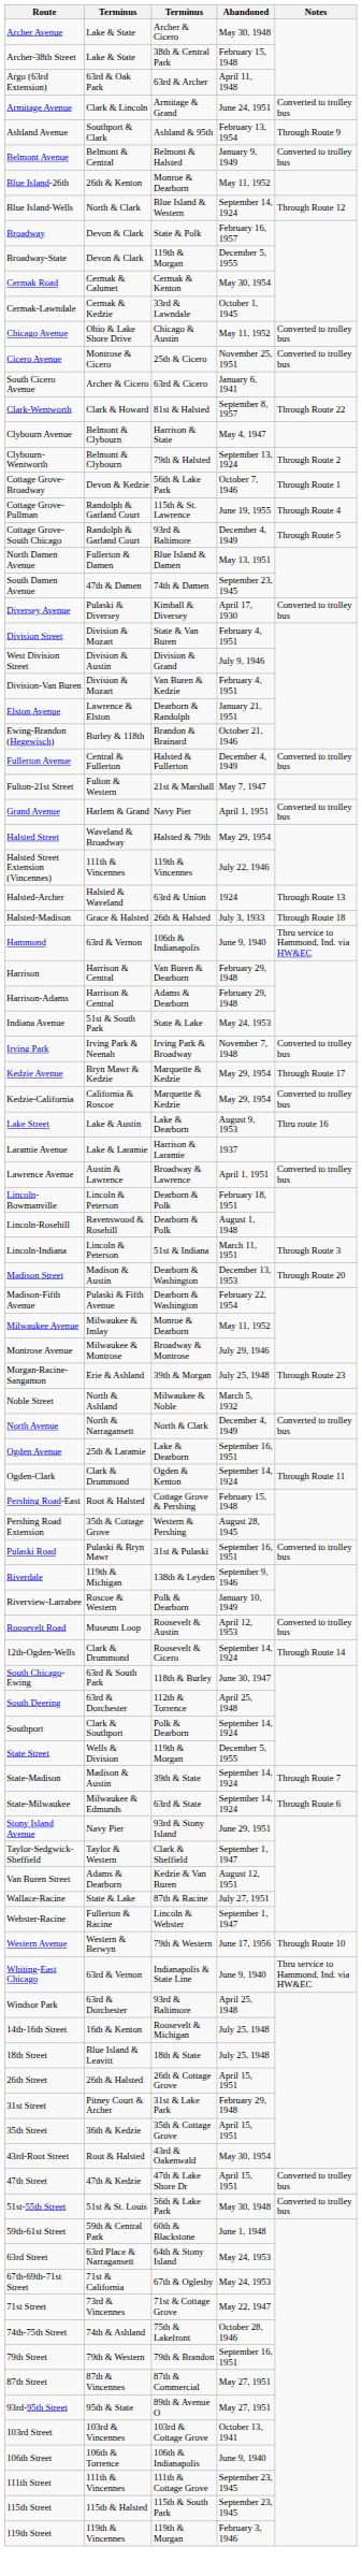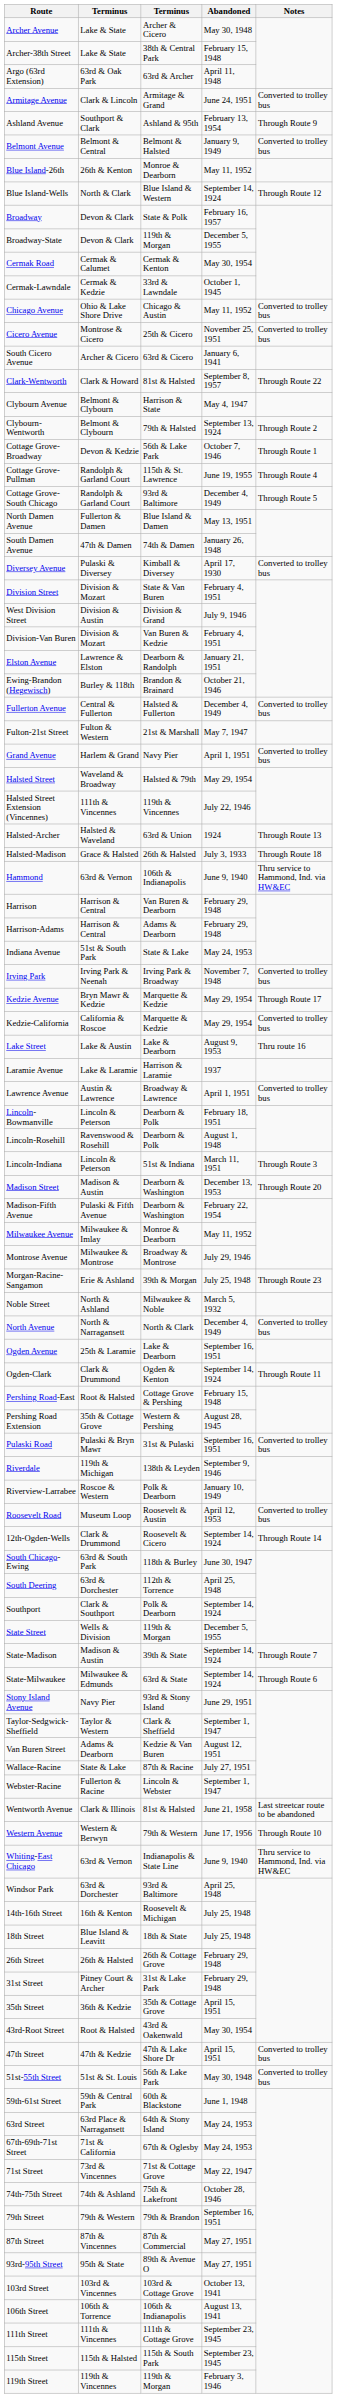 <table class="wikitable sortable">
 <tr>
 <th>Route</th>
 <th class="unsortable">Terminus</th>
 <th class="unsortable">Terminus</th>
 <th>Abandoned</th>
 <th class="unsortable">Notes</th>
 </tr>
 <tr>
 <td><a href='#'>Archer Avenue</a></td>
 <td>Lake & State</td>
 <td>Archer & Cicero</td>
 <td>May 30, 1948</td>
 </tr>
 <tr>
 <td>Archer-38th Street</td>
 <td>Lake & State</td>
 <td>38th & Central Park</td>
 <td>February 15, 1948</td>
 </tr>
 <tr>
 <td>Argo (63rd Extension)</td>
 <td>63rd & Oak Park</td>
 <td>63rd & Archer</td>
 <td>April 11, 1948</td>
 </tr>
 <tr>
 <td><a href='#'>Armitage Avenue</a></td>
 <td>Clark & Lincoln</td>
 <td>Armitage & Grand</td>
 <td>June 24, 1951</td>
 <td>Converted to trolley bus</td>
 </tr>
 <tr>
 <td>Ashland Avenue</td>
 <td>Southport & Clark</td>
 <td>Ashland & 95th</td>
 <td>February 13, 1954</td>
 <td>Through Route 9</td>
 </tr>
 <tr>
 <td><a href='#'>Belmont Avenue</a></td>
 <td>Belmont & Central</td>
 <td>Belmont & Halsted</td>
 <td>January 9, 1949</td>
 <td>Converted to trolley bus</td>
 </tr>
 <tr>
 <td><a href='#'>Blue Island</a>-26th</td>
 <td>26th & Kenton</td>
 <td>Monroe & Dearborn</td>
 <td>May 11, 1952</td>
 </tr>
 <tr>
 <td>Blue Island-Wells</td>
 <td>North & Clark</td>
 <td>Blue Island & Western</td>
 <td>September 14, 1924</td>
 <td>Through Route 12</td>
 </tr>
 <tr>
 <td><a href='#'>Broadway</a></td>
 <td>Devon & Clark</td>
 <td>State & Polk</td>
 <td>February 16, 1957</td>
 </tr>
 <tr>
 <td>Broadway-State</td>
 <td>Devon & Clark</td>
 <td>119th & Morgan</td>
 <td>December 5, 1955</td>
 </tr>
 <tr>
 <td><a href='#'>Cermak Road</a></td>
 <td>Cermak & Calumet</td>
 <td>Cermak & Kenton</td>
 <td>May 30, 1954</td>
 </tr>
 <tr>
 <td>Cermak-Lawndale</td>
 <td>Cermak & Kedzie</td>
 <td>33rd & Lawndale</td>
 <td>October 1, 1945</td>
 </tr>
 <tr>
 <td><a href='#'>Chicago Avenue</a></td>
 <td>Ohio & Lake Shore Drive</td>
 <td>Chicago & Austin</td>
 <td>May 11, 1952</td>
 <td>Converted to trolley bus</td>
 </tr>
 <tr>
 <td><a href='#'>Cicero Avenue</a></td>
 <td>Montrose & Cicero</td>
 <td>25th & Cicero</td>
 <td>November 25, 1951</td>
 <td>Converted to trolley bus</td>
 </tr>
 <tr>
 <td>South Cicero Avenue</td>
 <td>Archer & Cicero</td>
 <td>63rd & Cicero</td>
 <td>January 6, 1941</td>
 </tr>
 <tr>
 <td><a href='#'>Clark-Wentworth</a></td>
 <td>Clark & Howard</td>
 <td>81st & Halsted</td>
 <td>September 8, 1957</td>
 <td>Through Route 22</td>
 </tr>
 <tr>
 <td>Clybourn Avenue</td>
 <td>Belmont & Clybourn</td>
 <td>Harrison & State</td>
 <td>May 4, 1947</td>
 </tr>
 <tr>
 <td>Clybourn-Wentworth</td>
 <td>Belmont & Clybourn</td>
 <td>79th & Halsted</td>
 <td>September 13, 1924</td>
 <td>Through Route 2</td>
 </tr>
 <tr>
 <td>Cottage Grove-Broadway</td>
 <td>Devon & Kedzie</td>
 <td>56th & Lake Park</td>
 <td>October 7, 1946</td>
 <td>Through Route 1</td>
 </tr>
 <tr>
 <td>Cottage Grove-Pullman</td>
 <td>Randolph & Garland Court</td>
 <td>115th & St. Lawrence</td>
 <td>June 19, 1955</td>
 <td>Through Route 4</td>
 </tr>
 <tr>
 <td>Cottage Grove-South Chicago</td>
 <td>Randolph & Garland Court</td>
 <td>93rd & Baltimore</td>
 <td>December 4, 1949</td>
 <td>Through Route 5</td>
 </tr>
 <tr>
 <td>North Damen Avenue</td>
 <td>Fullerton & Damen</td>
 <td>Blue Island & Damen</td>
 <td>May 13, 1951</td>
 </tr>
 <tr>
 <td>South Damen Avenue</td>
 <td>47th & Damen</td>
 <td>74th & Damen</td>
-<td>September 23, 1945</td>
+<td>January 26, 1948</td>
 </tr>
 <tr>
 <td><a href='#'>Diversey Avenue</a></td>
 <td>Pulaski & Diversey</td>
 <td>Kimball & Diversey</td>
 <td>April 17, 1930</td>
 <td>Converted to trolley bus</td>
 </tr>
 <tr>
 <td><a href='#'>Division Street</a></td>
 <td>Division & Mozart</td>
 <td>State & Van Buren</td>
 <td>February 4, 1951</td>
 </tr>
 <tr>
 <td>West Division Street</td>
 <td>Division & Austin</td>
 <td>Division & Grand</td>
 <td>July 9, 1946</td>
 </tr>
 <tr>
 <td>Division-Van Buren</td>
 <td>Division & Mozart</td>
 <td>Van Buren & Kedzie</td>
 <td>February 4, 1951</td>
 </tr>
 <tr>
 <td><a href='#'>Elston Avenue</a></td>
 <td>Lawrence & Elston</td>
 <td>Dearborn & Randolph</td>
 <td>January 21, 1951</td>
 </tr>
 <tr>
 <td>Ewing-Brandon (<a href='#'>Hegewisch</a>)</td>
 <td>Burley & 118th</td>
 <td>Brandon & Brainard</td>
 <td>October 21, 1946</td>
 </tr>
 <tr>
 <td><a href='#'>Fullerton Avenue</a></td>
 <td>Central & Fullerton</td>
 <td>Halsted & Fullerton</td>
 <td>December 4, 1949</td>
 <td>Converted to trolley bus</td>
 </tr>
 <tr>
 <td>Fulton-21st Street</td>
 <td>Fulton & Western</td>
 <td>21st & Marshall</td>
 <td>May 7, 1947</td>
 </tr>
 <tr>
 <td><a href='#'>Grand Avenue</a></td>
 <td>Harlem & Grand</td>
 <td>Navy Pier</td>
 <td>April 1, 1951</td>
 <td>Converted to trolley bus</td>
 </tr>
 <tr>
 <td><a href='#'>Halsted Street</a></td>
 <td>Waveland & Broadway</td>
 <td>Halsted & 79th</td>
 <td>May 29, 1954</td>
 </tr>
 <tr>
 <td>Halsted Street Extension (Vincennes)</td>
 <td>111th & Vincennes</td>
 <td>119th & Vincennes</td>
 <td>July 22, 1946</td>
 </tr>
 <tr>
 <td>Halsted-Archer</td>
 <td>Halsted & Waveland</td>
 <td>63rd & Union</td>
 <td>1924</td>
 <td>Through Route 13</td>
 </tr>
 <tr>
 <td>Halsted-Madison</td>
 <td>Grace & Halsted</td>
 <td>26th & Halsted</td>
 <td>July 3, 1933</td>
 <td>Through Route 18</td>
 </tr>
 <tr>
 <td><a href='#'>Hammond</a></td>
 <td>63rd & Vernon</td>
 <td>106th & Indianapolis</td>
 <td>June 9, 1940</td>
 <td>Thru service to Hammond, Ind. via <a href='#'>HW&EC</a></td>
 </tr>
 <tr>
 <td>Harrison</td>
 <td>Harrison & Central</td>
 <td>Van Buren & Dearborn</td>
 <td>February 29, 1948</td>
 </tr>
 <tr>
 <td>Harrison-Adams</td>
 <td>Harrison & Central</td>
 <td>Adams & Dearborn</td>
 <td>February 29, 1948</td>
 </tr>
 <tr>
 <td>Indiana Avenue</td>
 <td>51st & South Park</td>
 <td>State & Lake</td>
 <td>May 24, 1953</td>
 </tr>
 <tr>
 <td><a href='#'>Irving Park</a></td>
 <td>Irving Park & Neenah</td>
 <td>Irving Park & Broadway</td>
 <td>November 7, 1948</td>
 <td>Converted to trolley bus</td>
 </tr>
 <tr>
 <td><a href='#'>Kedzie Avenue</a></td>
 <td>Bryn Mawr & Kedzie</td>
 <td>Marquette & Kedzie</td>
 <td>May 29, 1954</td>
 <td>Through Route 17</td>
 </tr>
 <tr>
 <td>Kedzie-California</td>
 <td>California & Roscoe</td>
 <td>Marquette & Kedzie</td>
 <td>May 29, 1954</td>
 <td>Converted to trolley bus</td>
 </tr>
 <tr>
 <td><a href='#'>Lake Street</a></td>
 <td>Lake & Austin</td>
 <td>Lake & Dearborn</td>
 <td>August 9, 1953</td>
 <td>Thru route 16</td>
 </tr>
 <tr>
 <td>Laramie Avenue</td>
 <td>Lake & Laramie</td>
 <td>Harrison & Laramie</td>
 <td>1937</td>
 </tr>
 <tr>
 <td>Lawrence Avenue</td>
 <td>Austin & Lawrence</td>
 <td>Broadway & Lawrence</td>
 <td>April 1, 1951</td>
 <td>Converted to trolley bus</td>
 </tr>
 <tr>
 <td><a href='#'>Lincoln</a>-Bowmanville</td>
 <td>Lincoln & Peterson</td>
 <td>Dearborn & Polk</td>
 <td>February 18, 1951</td>
 </tr>
 <tr>
 <td>Lincoln-Rosehill</td>
 <td>Ravenswood & Rosehill</td>
 <td>Dearborn & Polk</td>
 <td>August 1, 1948</td>
 </tr>
 <tr>
 <td>Lincoln-Indiana</td>
 <td>Lincoln & Peterson</td>
 <td>51st & Indiana</td>
 <td>March 11, 1951</td>
 <td>Through Route 3</td>
 </tr>
 <tr>
 <td><a href='#'>Madison Street</a></td>
 <td>Madison & Austin</td>
 <td>Dearborn & Washington</td>
 <td>December 13, 1953</td>
 <td>Through Route 20</td>
 </tr>
 <tr>
 <td>Madison-Fifth Avenue</td>
 <td>Pulaski & Fifth Avenue</td>
 <td>Dearborn & Washington</td>
 <td>February 22, 1954</td>
 </tr>
 <tr>
 <td><a href='#'>Milwaukee Avenue</a></td>
 <td>Milwaukee & Imlay</td>
 <td>Monroe & Dearborn</td>
 <td>May 11, 1952</td>
 </tr>
 <tr>
 <td>Montrose Avenue</td>
 <td>Milwaukee & Montrose</td>
 <td>Broadway & Montrose</td>
 <td>July 29, 1946</td>
 </tr>
 <tr>
 <td>Morgan-Racine-Sangamon</td>
 <td>Erie & Ashland</td>
 <td>39th & Morgan</td>
 <td>July 25, 1948</td>
 <td>Through Route 23</td>
 </tr>
 <tr>
 <td>Noble Street</td>
 <td>North & Ashland</td>
 <td>Milwaukee & Noble</td>
 <td>March 5, 1932</td>
 </tr>
 <tr>
 <td><a href='#'>North Avenue</a></td>
 <td>North & Narragansett</td>
 <td>North & Clark</td>
 <td>December 4, 1949</td>
 <td>Converted to trolley bus</td>
 </tr>
 <tr>
 <td><a href='#'>Ogden Avenue</a></td>
 <td>25th & Laramie</td>
 <td>Lake & Dearborn</td>
 <td>September 16, 1951</td>
 </tr>
 <tr>
 <td>Ogden-Clark</td>
 <td>Clark & Drummond</td>
 <td>Ogden & Kenton</td>
 <td>September 14, 1924</td>
 <td>Through Route 11</td>
 </tr>
 <tr>
 <td><a href='#'>Pershing Road</a>-East</td>
 <td>Root & Halsted</td>
 <td>Cottage Grove & Pershing</td>
 <td>February 15, 1948</td>
 </tr>
 <tr>
 <td>Pershing Road Extension</td>
 <td>35th & Cottage Grove</td>
 <td>Western & Pershing</td>
 <td>August 28, 1945</td>
 </tr>
 <tr>
 <td><a href='#'>Pulaski Road</a></td>
 <td>Pulaski & Bryn Mawr</td>
 <td>31st & Pulaski</td>
 <td>September 16, 1951</td>
 <td>Converted to trolley bus</td>
 </tr>
 <tr>
 <td><a href='#'>Riverdale</a></td>
 <td>119th & Michigan</td>
 <td>138th & Leyden</td>
 <td>September 9, 1946</td>
 </tr>
 <tr>
 <td>Riverview-Larrabee</td>
 <td>Roscoe & Western</td>
 <td>Polk & Dearborn</td>
 <td>January 10, 1949</td>
 </tr>
 <tr>
 <td><a href='#'>Roosevelt Road</a></td>
 <td>Museum Loop</td>
 <td>Roosevelt & Austin</td>
 <td>April 12, 1953</td>
 <td>Converted to trolley bus</td>
 </tr>
 <tr>
 <td>12th-Ogden-Wells</td>
 <td>Clark & Drummond</td>
 <td>Roosevelt & Cicero</td>
 <td>September 14, 1924</td>
 <td>Through Route 14</td>
 </tr>
 <tr>
 <td><a href='#'>South Chicago</a>-Ewing</td>
 <td>63rd & South Park</td>
 <td>118th & Burley</td>
 <td>June 30, 1947</td>
 </tr>
 <tr>
 <td><a href='#'>South Deering</a></td>
 <td>63rd & Dorchester</td>
 <td>112th & Torrence</td>
 <td>April 25, 1948</td>
 </tr>
 <tr>
 <td>Southport</td>
 <td>Clark & Southport</td>
 <td>Polk & Dearborn</td>
 <td>September 14, 1924</td>
 </tr>
 <tr>
 <td><a href='#'>State Street</a></td>
 <td>Wells & Division</td>
 <td>119th & Morgan</td>
 <td>December 5, 1955</td>
 </tr>
 <tr>
 <td>State-Madison</td>
 <td>Madison & Austin</td>
 <td>39th & State</td>
 <td>September 14, 1924</td>
 <td>Through Route 7</td>
 </tr>
 <tr>
 <td>State-Milwaukee</td>
 <td>Milwaukee & Edmunds</td>
 <td>63rd & State</td>
 <td>September 14, 1924</td>
 <td>Through Route 6</td>
 </tr>
 <tr>
 <td><a href='#'>Stony Island Avenue</a></td>
 <td>Navy Pier</td>
 <td>93rd & Stony Island</td>
 <td>June 29, 1951</td>
 </tr>
 <tr>
 <td>Taylor-Sedgwick-Sheffield</td>
 <td>Taylor & Western</td>
 <td>Clark & Sheffield</td>
 <td>September 1, 1947</td>
 </tr>
 <tr>
 <td>Van Buren Street</td>
 <td>Adams & Dearborn</td>
 <td>Kedzie & Van Buren</td>
 <td>August 12, 1951</td>
 </tr>
 <tr>
 <td>Wallace-Racine</td>
 <td>State & Lake</td>
 <td>87th & Racine</td>
 <td>July 27, 1951</td>
 </tr>
 <tr>
 <td>Webster-Racine</td>
 <td>Fullerton & Racine</td>
 <td>Lincoln & Webster</td>
 <td>September 1, 1947</td>
 </tr>
 <tr>
+<td>Wentworth Avenue</td>
+<td>Clark & Illinois</td>
+<td>81st & Halsted</td>
+<td>June 21, 1958</td>
+<td>Last streetcar route to be abandoned</td>
+</tr>
+<tr>
 <td><a href='#'>Western Avenue</a></td>
 <td>Western & Berwyn</td>
 <td>79th & Western</td>
 <td>June 17, 1956</td>
 <td>Through Route 10</td>
 </tr>
 <tr>
 <td><a href='#'>Whiting</a>-<a href='#'>East Chicago</a></td>
 <td>63rd & Vernon</td>
 <td>Indianapolis & State Line</td>
 <td>June 9, 1940</td>
 <td>Thru service to Hammond, Ind. via HW&EC</td>
 </tr>
 <tr>
 <td>Windsor Park</td>
 <td>63rd & Dorchester</td>
 <td>93rd & Baltimore</td>
 <td>April 25, 1948</td>
 </tr>
 <tr>
 <td>14th-16th Street</td>
 <td>16th & Kenton</td>
 <td>Roosevelt & Michigan</td>
 <td>July 25, 1948</td>
 </tr>
 <tr>
 <td>18th Street</td>
 <td>Blue Island & Leavitt</td>
 <td>18th & State</td>
 <td>July 25, 1948</td>
 </tr>
 <tr>
 <td>26th Street</td>
 <td>26th & Halsted</td>
 <td>26th & Cottage Grove</td>
-<td>April 15, 1951</td>
+<td>February 29, 1948</td>
 </tr>
 <tr>
 <td>31st Street</td>
 <td>Pitney Court & Archer</td>
 <td>31st & Lake Park</td>
 <td>February 29, 1948</td>
 </tr>
 <tr>
 <td>35th Street</td>
 <td>36th & Kedzie</td>
 <td>35th & Cottage Grove</td>
 <td>April 15, 1951</td>
 </tr>
 <tr>
 <td>43rd-Root Street</td>
 <td>Root & Halsted</td>
 <td>43rd & Oakenwald</td>
 <td>May 30, 1954</td>
 </tr>
 <tr>
 <td>47th Street</td>
 <td>47th & Kedzie</td>
 <td>47th & Lake Shore Dr</td>
 <td>April 15, 1951</td>
 <td>Converted to trolley bus</td>
 </tr>
 <tr>
 <td>51st-<a href='#'>55th Street</a></td>
 <td>51st & St. Louis</td>
 <td>56th & Lake Park</td>
 <td>May 30, 1948</td>
 <td>Converted to trolley bus</td>
 </tr>
 <tr>
 <td>59th-61st Street</td>
 <td>59th & Central Park</td>
 <td>60th & Blackstone</td>
 <td>June 1, 1948</td>
 </tr>
 <tr>
 <td>63rd Street</td>
 <td>63rd Place & Narragansett</td>
 <td>64th & Stony Island</td>
 <td>May 24, 1953</td>
 </tr>
 <tr>
 <td>67th-69th-71st Street</td>
 <td>71st & California</td>
 <td>67th & Oglesby</td>
 <td>May 24, 1953</td>
 </tr>
 <tr>
 <td>71st Street</td>
 <td>73rd & Vincennes</td>
 <td>71st & Cottage Grove</td>
 <td>May 22, 1947</td>
 </tr>
 <tr>
 <td>74th-75th Street</td>
 <td>74th & Ashland</td>
 <td>75th & Lakefront</td>
 <td>October 28, 1946</td>
 </tr>
 <tr>
 <td>79th Street</td>
 <td>79th & Western</td>
 <td>79th & Brandon</td>
 <td>September 16, 1951</td>
 </tr>
 <tr>
 <td>87th Street</td>
 <td>87th & Vincennes</td>
 <td>87th & Commercial</td>
 <td>May 27, 1951</td>
 </tr>
 <tr>
 <td>93rd-<a href='#'>95th Street</a></td>
 <td>95th & State</td>
 <td>89th & Avenue O</td>
 <td>May 27, 1951</td>
 </tr>
 <tr>
 <td>103rd Street</td>
 <td>103rd & Vincennes</td>
 <td>103rd & Cottage Grove</td>
 <td>October 13, 1941</td>
 </tr>
 <tr>
 <td>106th Street</td>
 <td>106th & Torrence</td>
 <td>106th & Indianapolis</td>
-<td>June 9, 1940</td>
+<td>August 13, 1941</td>
 </tr>
 <tr>
 <td>111th Street</td>
 <td>111th & Vincennes</td>
 <td>111th & Cottage Grove</td>
 <td>September 23, 1945</td>
 </tr>
 <tr>
 <td>115th Street</td>
 <td>115th & Halsted</td>
 <td>115th & South Park</td>
 <td>September 23, 1945</td>
 </tr>
 <tr>
 <td>119th Street</td>
 <td>119th & Vincennes</td>
 <td>119th & Morgan</td>
 <td>February 3, 1946</td>
 </tr>
 </table>
